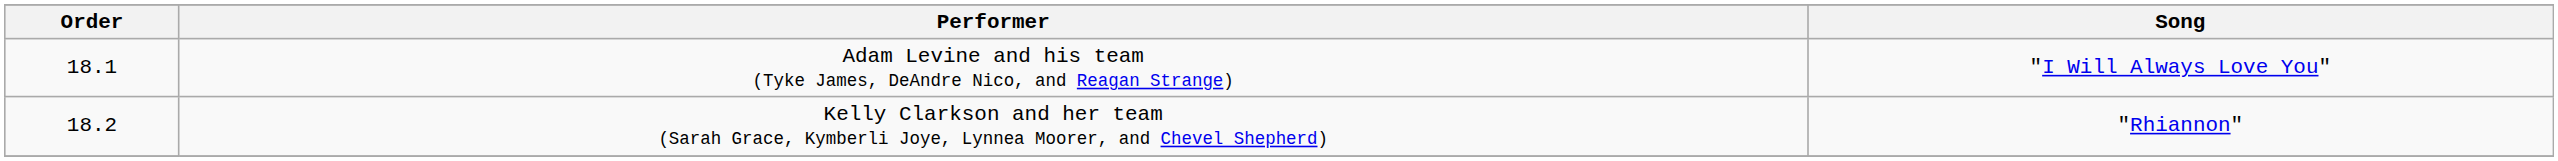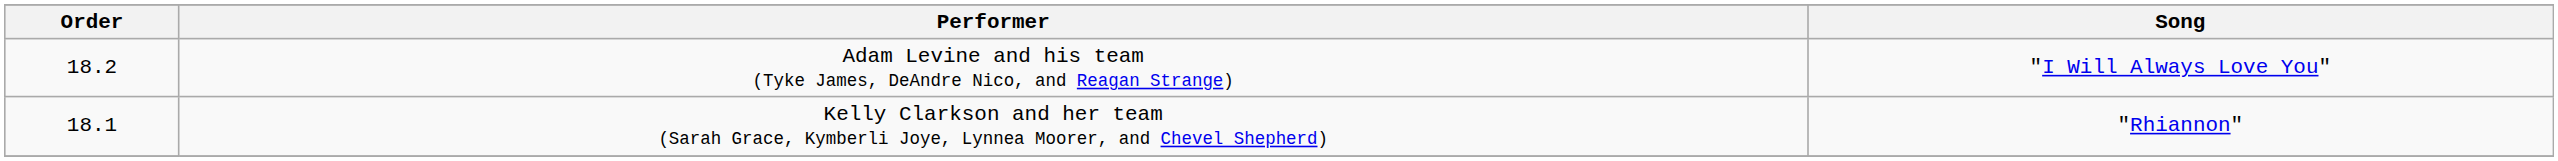 <table class="wikitable" style="text-align:center; width:100%;">
 <tr>
 </tr>
 <tr>
 <th>Order</th>
 <th>Performer</th>
 <th>Song</th>
 </tr>
 <tr>
-<td>18.1</td>
+<td>18.2</td>
 <td>Adam Levine and his team <br><small>(Tyke James, DeAndre Nico, and <a href='#'>Reagan Strange</a>)</small></td>
 <td>"<a href='#'>I Will Always Love You</a>"</td>
 </tr>
 <tr>
-<td>18.2</td>
+<td>18.1</td>
 <td>Kelly Clarkson and her team <br><small>(Sarah Grace, Kymberli Joye, Lynnea Moorer, and <a href='#'>Chevel Shepherd</a>)</small></td>
 <td>"<a href='#'>Rhiannon</a>"</td>
 </tr>
 <tr>
 </tr>
 </table>
